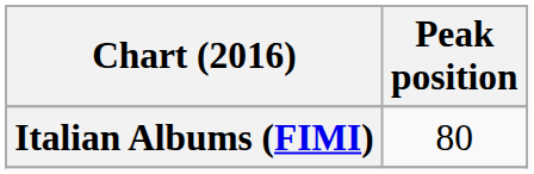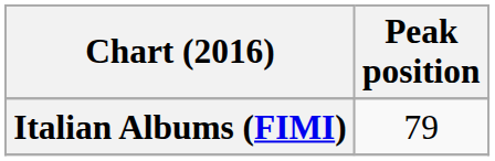 <table class="wikitable sortable plainrowheaders" style="text-align:center">
 <tr>
 <th scope="col">Chart (2016)</th>
 <th scope="col">Peak<br> position</th>
 </tr>
 <tr>
 </tr>
 <tr>
 </tr>
 <tr>
 </tr>
 <tr>
 </tr>
 <tr>
 </tr>
 <tr>
 <th scope="row">Italian Albums (<a href='#'>FIMI</a>)</th>
-<td>80</td>
+<td>79</td>
 </tr>
 <tr>
 </tr>
 <tr>
 </tr>
 <tr>
 </tr>
 </table>
